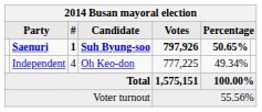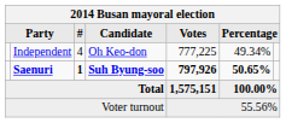 <table class="wikitable">
 <tr>
 <th colspan="7">2014 Busan mayoral election</th>
 </tr>
 <tr>
 <th style="background-color:#E9E9E9" colspan=2>Party</th>
 <th style="background-color:#E9E9E9">#</th>
 <th style="background-color:#E9E9E9">Candidate</th>
 <th style="background-color:#E9E9E9">Votes</th>
 <th style="background-color:#E9E9E9" colspan=2>Percentage</th>
 </tr>
+<tr>
+<td></td>
+<td align=left><a href='#'>Independent</a></td>
+<td align=center>4</td>
+<td align=left><a href='#'>Oh Keo-don</a></td>
+<td align=right>777,225</td>
+<td align=right>49.34%</td>
+<td align=right></td>
+</tr>
 <tr style="font-weight:bold">
 <td></td>
 <td align=left><a href='#'>Saenuri</a></td>
 <td align=center>1</td>
 <td align=left><a href='#'>Suh Byung-soo</a></td>
 <td align=right>797,926</td>
 <td align=right>50.65%</td>
-<td align=right></td>
-</tr>
-<tr>
-<td></td>
-<td align=left><a href='#'>Independent</a></td>
-<td align=center>4</td>
-<td align=left><a href='#'>Oh Keo-don</a></td>
-<td align=right>777,225</td>
-<td align=right>49.34%</td>
 <td align=right></td>
 </tr>
 <tr bgcolor="#EEEEEE" style="font-weight:bold">
 <td colspan="4" align=right>Total</td>
 <td align=right>1,575,151</td>
 <td align=right colspan=2>100.00%</td>
 </tr>
 <tr bgcolor="#EEEEEE">
 <td colspan="4" align="right">Voter turnout</td>
 <td colspan="3" align="right">55.56%</td>
 </tr>
 </table>
